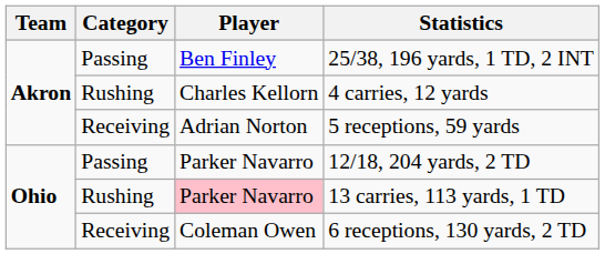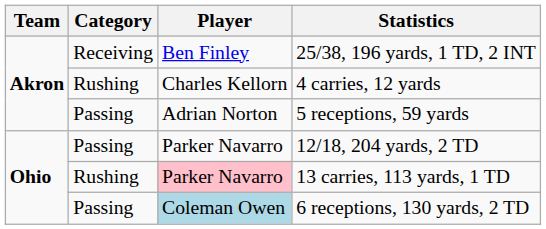 <table class="wikitable" style="float: right;">
 <tr>
 <th>Team</th>
 <th>Category</th>
 <th>Player</th>
 <th>Statistics</th>
 </tr>
 <tr>
 <td rowspan=3><strong>Akron</strong></td>
-<td>Passing</td>
+<td>Receiving</td>
 <td><a href='#'>Ben Finley</a></td>
 <td>25/38, 196 yards, 1 TD, 2 INT</td>
 </tr>
 <tr>
 <td>Rushing</td>
 <td>Charles Kellorn</td>
 <td>4 carries, 12 yards</td>
 </tr>
 <tr>
-<td>Receiving</td>
+<td>Passing</td>
 <td>Adrian Norton</td>
 <td>5 receptions, 59 yards</td>
 </tr>
 <tr>
 <td rowspan=3><strong>Ohio</strong></td>
 <td>Passing</td>
 <td>Parker Navarro</td>
 <td>12/18,  204 yards, 2 TD</td>
 </tr>
 <tr>
 <td>Rushing</td>
 <td style="background: pink;">Parker Navarro</td>
 <td>13 carries, 113 yards, 1 TD</td>
 </tr>
 <tr>
-<td>Receiving</td>
-<td>Coleman Owen</td>
+<td>Passing</td>
+<td style="background: lightblue;">Coleman Owen</td>
 <td>6 receptions, 130 yards, 2 TD</td>
 </tr>
 </table>
